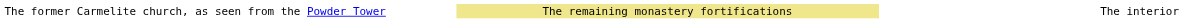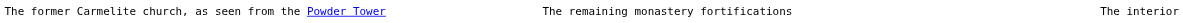 <table class="graytable">
 <tr>
 <td width="29%"></td>
 <td width="5%"></td>
 <td width="32%"></td>
 <td width="5%"></td>
 <td></td>
 </tr>
 <tr>
 <td align="center">The former Carmelite church, as seen from the <a href='#'>Powder Tower</a></td>
 <td></td>
-<td align="center" style="background: khaki;">The remaining monastery fortifications</td>
+<td align="center">The remaining monastery fortifications</td>
 <td></td>
 <td align="center">The interior</td>
 </tr>
 </table>
